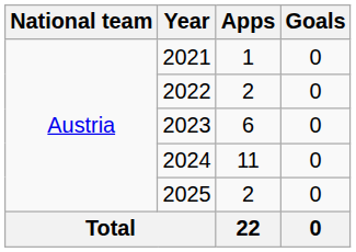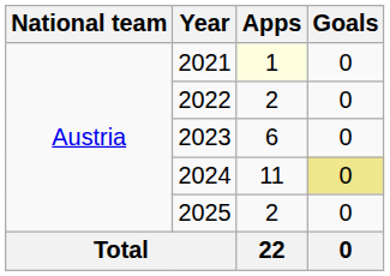 <table class="wikitable" style="text-align:center">
 <tr>
 <th>National team</th>
 <th>Year</th>
 <th>Apps</th>
 <th>Goals</th>
 </tr>
 <tr>
 <td rowspan="5"><a href='#'>Austria</a></td>
 <td>2021</td>
-<td>1</td>
+<td style="background: lightyellow;">1</td>
 <td>0</td>
 </tr>
 <tr>
 <td>2022</td>
 <td>2</td>
 <td>0</td>
 </tr>
 <tr>
 <td>2023</td>
 <td>6</td>
 <td>0</td>
 </tr>
 <tr>
 <td>2024</td>
 <td>11</td>
-<td>0</td>
+<td style="background: khaki;">0</td>
 </tr>
 <tr>
 <td>2025</td>
 <td>2</td>
 <td>0</td>
 </tr>
 <tr>
 <th colspan="2">Total</th>
 <th>22</th>
 <th>0</th>
 </tr>
 </table>
